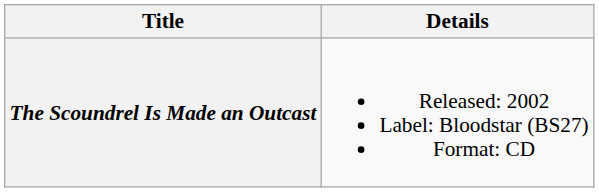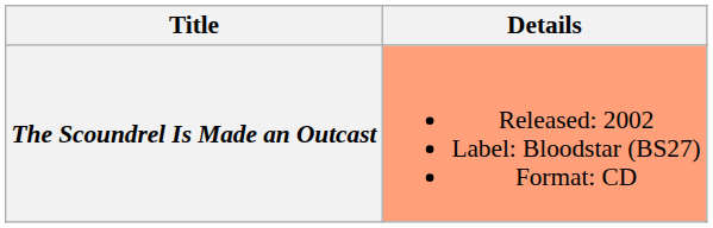 <table class="wikitable plainrowheaders" style="text-align:center;" border="1">
 <tr>
 <th>Title</th>
 <th>Details</th>
 </tr>
 <tr>
 <th scope="row"><em>The Scoundrel Is Made an Outcast</em></th>
-<td><br><ul><li>Released: 2002</li><li>Label: Bloodstar (BS27)</li><li>Format: CD</li></ul></td>
+<td style="background: lightsalmon;"><br><ul><li>Released: 2002</li><li>Label: Bloodstar (BS27)</li><li>Format: CD</li></ul></td>
 </tr>
 </table>
